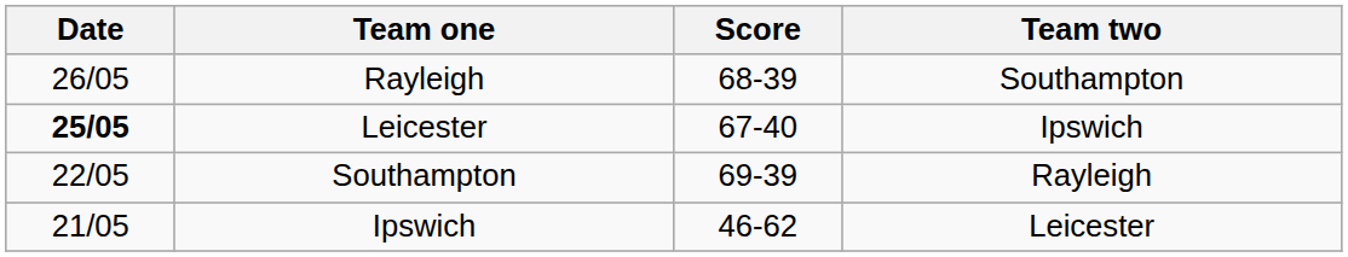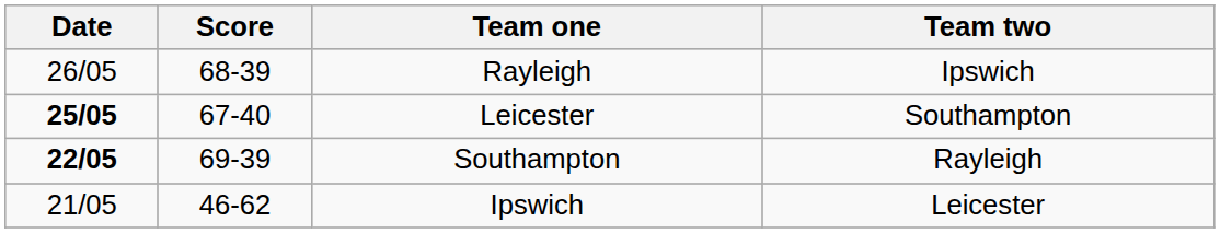 <table class="wikitable" style="text-align: center">
 <tr>
 <th width=80>Date</th>
+<th width=80>Score</th>
 <th width=250>Team one</th>
-<th width=80>Score</th>
 <th width=250>Team two</th>
 </tr>
 <tr>
 <td>26/05</td>
+<td>68-39</td>
 <td>Rayleigh</td>
-<td>68-39</td>
+<td>Ipswich</td>
+</tr>
+<tr>
+<td><strong>25/05</strong></td>
+<td>67-40</td>
+<td>Leicester</td>
 <td>Southampton</td>
 </tr>
 <tr>
-<td><strong>25/05</strong></td>
-<td>Leicester</td>
-<td>67-40</td>
-<td>Ipswich</td>
-</tr>
-<tr>
-<td>22/05</td>
+<td><strong>22/05</strong></td>
+<td>69-39</td>
 <td>Southampton</td>
-<td>69-39</td>
 <td>Rayleigh</td>
 </tr>
 <tr>
 <td>21/05</td>
+<td>46-62</td>
 <td>Ipswich</td>
-<td>46-62</td>
 <td>Leicester</td>
 </tr>
 </table>
